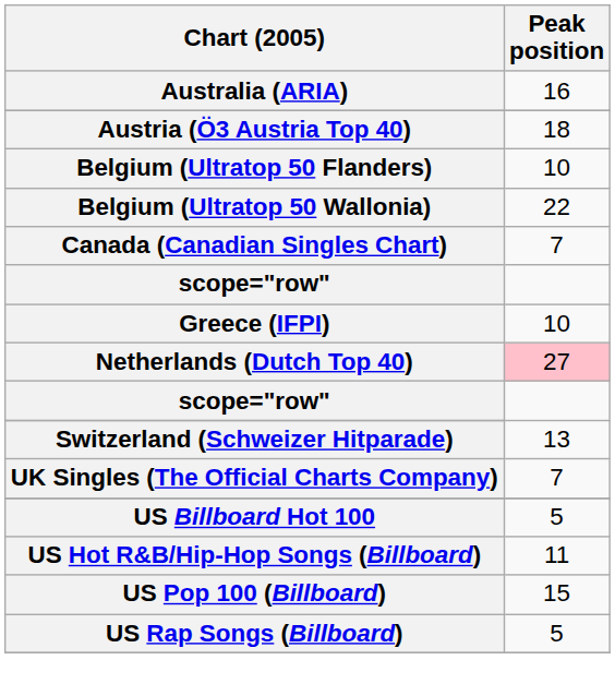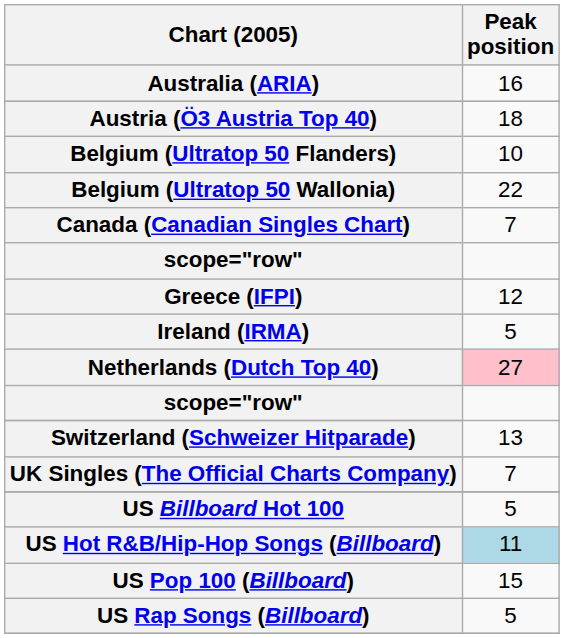 <table class="wikitable sortable plainrowheaders" style="text-align:center;" border="1">
 <tr>
 <th scope="col">Chart (2005)</th>
 <th scope="col">Peak<br>position</th>
 </tr>
 <tr>
 <th scope="row">Australia (<a href='#'>ARIA</a>)</th>
 <td>16</td>
 </tr>
 <tr>
 </tr>
 <tr>
 <th scope="row">Austria (<a href='#'>Ö3 Austria Top 40</a>)</th>
 <td>18</td>
 </tr>
 <tr>
 <th scope="row">Belgium (<a href='#'>Ultratop 50</a> Flanders)</th>
 <td>10</td>
 </tr>
 <tr>
 <th scope="row">Belgium (<a href='#'>Ultratop 50</a> Wallonia)</th>
 <td>22</td>
 </tr>
 <tr>
 <th scope="row">Canada (<a href='#'>Canadian Singles Chart</a>)</th>
 <td>7</td>
 </tr>
 <tr>
 <th>scope="row"</th>
 </tr>
 <tr>
 <th scope="row">Greece (<a href='#'>IFPI</a>)</th>
-<td>10</td>
+<td>12</td>
+</tr>
+<tr>
+<th scope="row">Ireland (<a href='#'>IRMA</a>)</th>
+<td>5</td>
 </tr>
 <tr>
 <th scope="row">Netherlands (<a href='#'>Dutch Top 40</a>)</th>
 <td style="background: pink;">27</td>
 </tr>
 <tr>
 <th>scope="row"</th>
 </tr>
 <tr>
 </tr>
 <tr>
 <th scope="row">Switzerland (<a href='#'>Schweizer Hitparade</a>)</th>
 <td>13</td>
 </tr>
 <tr>
 <th scope="row">UK Singles (<a href='#'>The Official Charts Company</a>)</th>
 <td>7</td>
 </tr>
 <tr>
 </tr>
 <tr>
 <th scope="row">US <a href='#'><em>Billboard</em> Hot 100</a></th>
 <td>5</td>
 </tr>
 <tr>
 <th scope="row">US <a href='#'>Hot R&B/Hip-Hop Songs</a> (<a href='#'><em>Billboard</em></a>)</th>
-<td>11</td>
+<td style="background: lightblue;">11</td>
 </tr>
 <tr>
 <th scope="row">US <a href='#'>Pop 100</a> (<a href='#'><em>Billboard</em></a>)</th>
 <td>15</td>
 </tr>
 <tr>
 <th scope="row">US <a href='#'>Rap Songs</a> (<a href='#'><em>Billboard</em></a>)</th>
 <td>5</td>
 </tr>
 <tr>
 </tr>
 </table>
